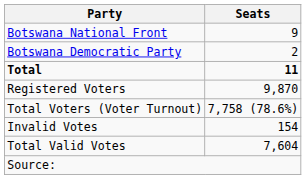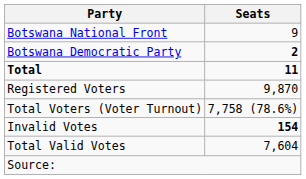 <table class=wikitable style=text-align:right>
 <tr>
 <th>Party</th>
 <th>Seats</th>
 </tr>
 <tr>
 <td align=left><a href='#'>Botswana National Front</a></td>
 <td>9</td>
 </tr>
 <tr>
 <td align=left><a href='#'>Botswana Democratic Party</a></td>
-<td>2</td>
+<td><strong>2</strong></td>
 </tr>
 <tr>
 <td align=left><strong>Total</strong></td>
 <td><strong>11</strong></td>
 </tr>
 <tr>
 <td align=left>Registered Voters</td>
 <td>9,870</td>
 </tr>
 <tr>
 <td align=left>Total Voters (Voter Turnout)</td>
 <td>7,758 (78.6%)</td>
 </tr>
 <tr>
 <td align=left>Invalid Votes</td>
-<td>154</td>
+<td><strong>154</strong></td>
 </tr>
 <tr>
 <td align=left>Total Valid Votes</td>
 <td>7,604</td>
 </tr>
 <tr>
 <td colspan=4 align=left>Source: </td>
 </tr>
 </table>
